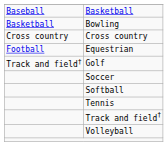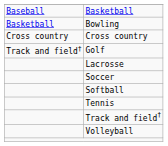 <table class="wikitable" style=" ">
 <tr>
 </tr>
 <tr>
 <td><a href='#'>Baseball</a></td>
 <td><a href='#'>Basketball</a></td>
 </tr>
 <tr>
 <td><a href='#'>Basketball</a></td>
 <td>Bowling</td>
 </tr>
 <tr>
 <td>Cross country</td>
 <td>Cross country</td>
 </tr>
 <tr>
-<td><a href='#'>Football</a></td>
-<td>Equestrian</td>
+<td>Track and field<sup>†</sup></td>
+<td>Golf</td>
 </tr>
 <tr>
-<td>Track and field<sup>†</sup></td>
-<td>Golf</td>
+<td></td>
+<td>Lacrosse</td>
 </tr>
 <tr>
 <td></td>
 <td>Soccer</td>
 </tr>
 <tr>
 <td></td>
 <td>Softball</td>
 </tr>
 <tr>
 <td></td>
 <td>Tennis</td>
 </tr>
 <tr>
 <td></td>
 <td>Track and field<sup>†</sup></td>
 </tr>
 <tr>
 <td></td>
 <td>Volleyball</td>
 </tr>
 <tr>
 <td colspan="2"></td>
 </tr>
 </table>
